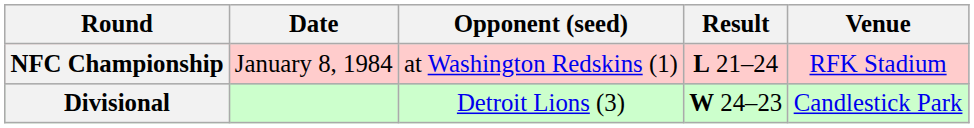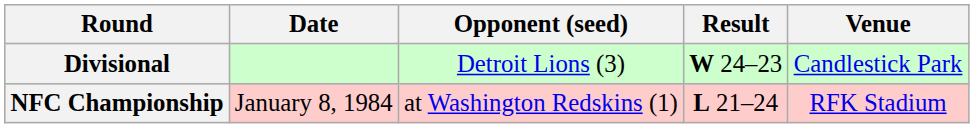 <table class="wikitable" style="text-align:center">
 <tr>
 <th>Round</th>
 <th>Date</th>
 <th>Opponent (seed)</th>
 <th>Result</th>
 <th>Venue</th>
 </tr>
+<tr style="background:#cfc">
+<th>Divisional</th>
+<td></td>
+<td><a href='#'>Detroit Lions</a> (3)</td>
+<td><strong>W</strong> 24–23</td>
+<td><a href='#'>Candlestick Park</a></td>
+</tr>
 <tr style="background:#fcc">
 <th>NFC Championship</th>
 <td>January 8, 1984</td>
 <td>at <a href='#'>Washington Redskins</a> (1)</td>
 <td><strong>L</strong> 21–24</td>
 <td><a href='#'>RFK Stadium</a></td>
 </tr>
-<tr style="background:#cfc">
-<th>Divisional</th>
-<td></td>
-<td><a href='#'>Detroit Lions</a> (3)</td>
-<td><strong>W</strong> 24–23</td>
-<td><a href='#'>Candlestick Park</a></td>
-</tr>
 </table>
